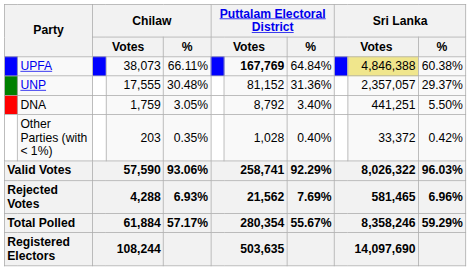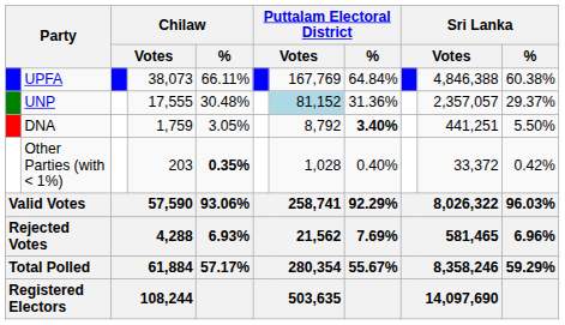 <table class="wikitable">
 <tr>
 <th colspan="2" width="144px"rowspan="2">Party</th>
 <th colspan="3" width="216px">Chilaw</th>
 <th colspan="3" width="216px"><a href='#'>Puttalam Electoral District</a></th>
 <th colspan="3" width="216px">Sri Lanka</th>
 </tr>
 <tr>
 <th colspan="2" width="144px">Votes</th>
 <th>%</th>
 <th colspan="2" width="144px">Votes</th>
 <th>%</th>
 <th colspan="2" width="144px">Votes</th>
 <th>%</th>
 </tr>
 <tr>
 <td style="background-color:blue;" width="10px"></td>
 <td style="text-align:left;"><a href='#'>UPFA</a></td>
 <td style="background-color:blue;" width="10px"></td>
 <td style="text-align:right;">38,073</td>
 <td style="text-align:right;">66.11%</td>
 <td style="background-color:blue;" width="10px"></td>
-<td style="text-align:right;"><strong>167,769</strong></td>
+<td style="text-align:right;">167,769</td>
 <td style="text-align:right;">64.84%</td>
 <td style="background-color:blue;" width="10px"></td>
-<td style="background: khaki; text-align:right;">4,846,388</td>
+<td style="text-align:right;">4,846,388</td>
 <td style="text-align:right;">60.38%</td>
 </tr>
 <tr>
 <td style="background-color:green;" width="10px"></td>
 <td style="text-align:left;"><a href='#'>UNP</a></td>
 <td style="background-color:white;" width="10px"></td>
 <td style="text-align:right;">17,555</td>
 <td style="text-align:right;">30.48%</td>
 <td style="background-color:white;" width="10px"></td>
-<td style="text-align:right;">81,152</td>
+<td style="background: lightblue; text-align:right;">81,152</td>
 <td style="text-align:right;">31.36%</td>
 <td style="background-color:white;" width="10px"></td>
 <td style="text-align:right;">2,357,057</td>
 <td style="text-align:right;">29.37%</td>
 </tr>
 <tr>
 <td style="background-color:red;" width="10px"></td>
 <td style="text-align:left;">DNA</td>
 <td style="background-color:white;" width="10px"></td>
 <td style="text-align:right;">1,759</td>
 <td style="text-align:right;">3.05%</td>
 <td style="background-color:white;" width="10px"></td>
 <td style="text-align:right;">8,792</td>
-<td style="text-align:right;">3.40%</td>
+<td style="text-align:right;"><strong>3.40%</strong></td>
 <td style="background-color:white;" width="10px"></td>
 <td style="text-align:right;">441,251</td>
 <td style="text-align:right;">5.50%</td>
 </tr>
 <tr>
 <td style="background-color:white;" width="10px"></td>
 <td style="text-align:left;">Other Parties (with < 1%)</td>
 <td style="background-color:white;" width="10px"></td>
 <td style="text-align:right;">203</td>
-<td style="text-align:right;">0.35%</td>
+<td style="text-align:right;"><strong>0.35%</strong></td>
 <td style="background-color:white;" width="10px"></td>
 <td style="text-align:right;">1,028</td>
 <td style="text-align:right;">0.40%</td>
 <td style="background-color:white;" width="10px"></td>
 <td style="text-align:right;">33,372</td>
 <td style="text-align:right;">0.42%</td>
 </tr>
 <tr>
 <th colspan="2" width="144px"style="text-align:left;">Valid Votes</th>
 <th style="text-align:right;"colspan="2" width="144px">57,590</th>
 <th style="text-align:right;">93.06%</th>
 <th style="text-align:right;"colspan="2" width="144px">258,741</th>
 <th style="text-align:right;">92.29%</th>
 <th style="text-align:right;"colspan="2" width="144px">8,026,322</th>
 <th style="text-align:right;">96.03%</th>
 </tr>
 <tr>
 <th colspan="2" width="144px"style="text-align:left;">Rejected Votes</th>
 <th style="text-align:right;"colspan="2" width="144px">4,288</th>
 <th style="text-align:right;">6.93%</th>
 <th style="text-align:right;"colspan="2" width="144px">21,562</th>
 <th style="text-align:right;">7.69%</th>
 <th style="text-align:right;"colspan="2" width="144px">581,465</th>
 <th style="text-align:right;">6.96%</th>
 </tr>
 <tr>
 <th colspan="2" width="144px"style="text-align:left;">Total Polled</th>
 <th style="text-align:right;"colspan="2" width="144px">61,884</th>
 <th style="text-align:right;">57.17%</th>
 <th style="text-align:right;"colspan="2" width="144px">280,354</th>
 <th style="text-align:right;">55.67%</th>
 <th style="text-align:right;"colspan="2" width="144px">8,358,246</th>
 <th style="text-align:right;">59.29%</th>
 </tr>
 <tr>
 <th colspan="2" width="144px"style="text-align:left;">Registered Electors</th>
 <th style="text-align:right;"colspan="2" width="144px">108,244</th>
 <th></th>
 <th style="text-align:right;"colspan="2" width="144px">503,635</th>
 <th></th>
 <th style="text-align:right;"colspan="2" width="144px">14,097,690</th>
 <th></th>
 </tr>
 </table>
